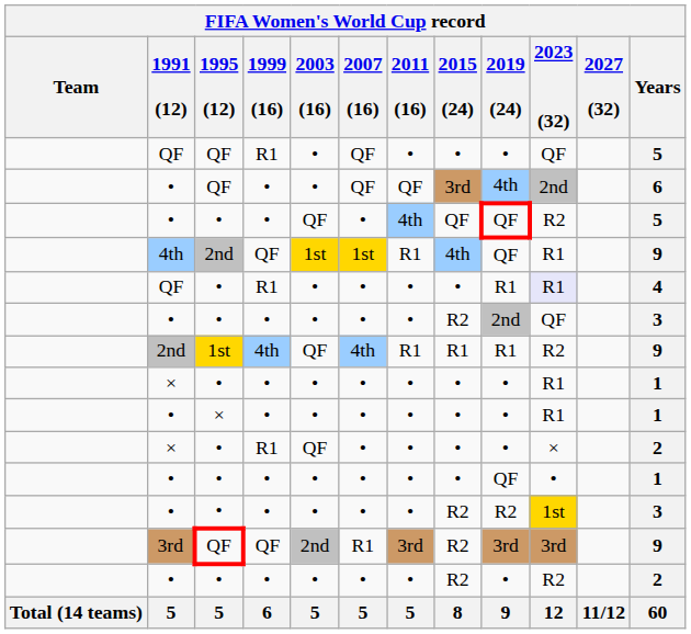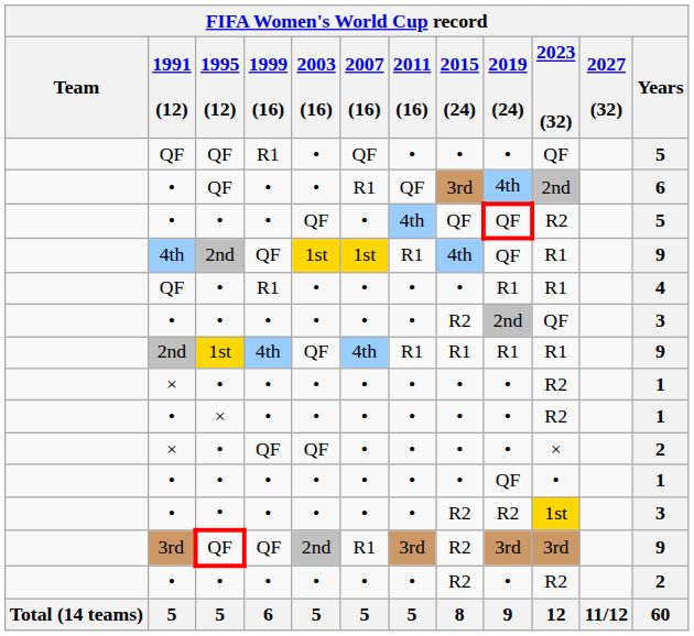 <table class="wikitable" style="text-align:center; font-size:85%;">
 <tr>
 <th colspan=12><a href='#'>FIFA Women's World Cup</a> record</th>
 </tr>
 <tr>
 <th>Team</th>
 <th><a href='#'>1991</a><br><br>(12)</th>
 <th><a href='#'>1995</a><br><br>(12)</th>
 <th><a href='#'>1999</a><br><br>(16)</th>
 <th><a href='#'>2003</a><br><br>(16)</th>
 <th><a href='#'>2007</a><br><br>(16)</th>
 <th><a href='#'>2011</a><br><br>(16)</th>
 <th><a href='#'>2015</a> <br><br>(24)</th>
 <th><a href='#'>2019</a><br><br>(24)</th>
 <th><a href='#'>2023</a><br><br><br>(32)</th>
 <th><a href='#'>2027</a><br><br>(32)</th>
 <th>Years</th>
 </tr>
 <tr>
 <td align=left></td>
 <td>QF<br></td>
 <td>QF<br></td>
 <td>R1<br></td>
 <td>•</td>
 <td>QF<br></td>
 <td>•</td>
 <td>•</td>
 <td>•</td>
 <td>QF<br></td>
 <td></td>
 <th>5</th>
 </tr>
 <tr>
 <td align=left></td>
 <td>•</td>
 <td>QF<br></td>
 <td>•</td>
 <td>•</td>
-<td>QF<br></td>
+<td>R1<br></td>
 <td>QF<br></td>
 <td bgcolor=#cc9966>3rd</td>
 <td bgcolor=#9acdff>4th</td>
 <td bgcolor=silver>2nd</td>
 <td></td>
 <th>6</th>
 </tr>
 <tr>
 <td align=left></td>
 <td>•</td>
 <td>•</td>
 <td>•</td>
 <td>QF<br></td>
 <td>•</td>
 <td bgcolor=#9acdff>4th</td>
 <td>QF<br></td>
 <td style="border:3px solid red">QF<br></td>
 <td>R2<br></td>
 <td></td>
 <th>5</th>
 </tr>
 <tr>
 <td align=left></td>
 <td bgcolor=#9acdff>4th</td>
 <td bgcolor=silver>2nd</td>
 <td>QF<br></td>
 <td bgcolor=gold>1st</td>
 <td bgcolor=gold>1st</td>
 <td>R1<br></td>
 <td bgcolor=#9acdff>4th</td>
 <td>QF<br></td>
 <td>R1<br></td>
 <td></td>
 <th>9</th>
 </tr>
 <tr>
 <td align=left></td>
 <td>QF<br></td>
 <td>•</td>
 <td>R1<br></td>
 <td>•</td>
 <td>•</td>
 <td>•</td>
 <td>•</td>
 <td>R1<br></td>
-<td style="background: lavender;">R1<br></td>
+<td>R1<br></td>
 <td></td>
 <th>4</th>
 </tr>
 <tr>
 <td align=left></td>
 <td>•</td>
 <td>•</td>
 <td>•</td>
 <td>•</td>
 <td>•</td>
 <td>•</td>
 <td>R2<br></td>
 <td bgcolor=silver>2nd</td>
 <td>QF<br></td>
 <td></td>
 <th>3</th>
 </tr>
 <tr>
 <td align=left></td>
 <td bgcolor=silver>2nd</td>
 <td bgcolor=gold>1st</td>
 <td bgcolor=#9acdff>4th</td>
 <td>QF<br></td>
 <td bgcolor=#9acdff>4th</td>
 <td>R1<br></td>
 <td>R1<br></td>
 <td>R1<br></td>
-<td>R2<br></td>
+<td>R1<br></td>
 <td></td>
 <th>9</th>
 </tr>
 <tr>
 <td align=left></td>
 <td>×</td>
 <td>•</td>
 <td>•</td>
 <td>•</td>
 <td>•</td>
 <td>•</td>
 <td>•</td>
 <td>•</td>
-<td>R1<br></td>
+<td>R2<br></td>
 <td></td>
 <th>1</th>
 </tr>
 <tr>
 <td align=left></td>
 <td>•</td>
 <td>×</td>
 <td>•</td>
 <td>•</td>
 <td>•</td>
 <td>•</td>
 <td>•</td>
 <td>•</td>
-<td>R1<br></td>
+<td>R2<br></td>
 <td></td>
 <th>1</th>
 </tr>
 <tr>
 <td align=left></td>
 <td>×</td>
 <td>•</td>
-<td>R1<br></td>
+<td>QF<br></td>
 <td>QF<br></td>
 <td>•</td>
 <td>•</td>
 <td>•</td>
 <td>•</td>
 <td>×</td>
 <td></td>
 <th>2</th>
 </tr>
 <tr>
 <td align=left></td>
 <td>•</td>
 <td>•</td>
 <td>•</td>
 <td>•</td>
 <td>•</td>
 <td>•</td>
 <td>•</td>
 <td>QF<br></td>
 <td>•</td>
 <td></td>
 <th>1</th>
 </tr>
 <tr>
 <td align=left></td>
 <td>•</td>
 <td>•</td>
 <td>•</td>
 <td>•</td>
 <td>•</td>
 <td>•</td>
 <td>R2<br></td>
 <td>R2<br></td>
 <td bgcolor=gold>1st</td>
 <td></td>
 <th>3</th>
 </tr>
 <tr>
 <td align=left></td>
 <td bgcolor=#cc9966>3rd</td>
 <td style="border:3px solid red">QF<br></td>
 <td>QF<br></td>
 <td bgcolor=silver>2nd</td>
 <td>R1<br></td>
 <td bgcolor=#cc9966>3rd</td>
 <td>R2 <br></td>
 <td bgcolor=#cc9966>3rd</td>
 <td bgcolor=#cc9966>3rd</td>
 <td></td>
 <th>9</th>
 </tr>
 <tr>
 <td align=left></td>
 <td>•</td>
 <td>•</td>
 <td>•</td>
 <td>•</td>
 <td>•</td>
 <td>•</td>
 <td>R2<br></td>
 <td>•</td>
 <td>R2<br></td>
 <td></td>
 <th>2</th>
 </tr>
 <tr>
 <th>Total (14 teams)</th>
 <th>5</th>
 <th>5</th>
 <th>6</th>
 <th>5</th>
 <th>5</th>
 <th>5</th>
 <th>8</th>
 <th>9</th>
 <th>12</th>
 <th>11/12</th>
 <th>60</th>
 </tr>
 </table>
